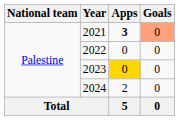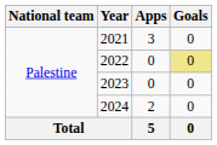 <table class="wikitable" style="text-align:center">
 <tr>
 <th>National team</th>
 <th>Year</th>
 <th>Apps</th>
 <th>Goals</th>
 </tr>
 <tr>
 <td rowspan="4"><a href='#'>Palestine</a></td>
 <td>2021</td>
-<td><strong>3</strong></td>
-<td style="background: lightsalmon;">0</td>
+<td>3</td>
+<td>0</td>
 </tr>
 <tr>
 <td>2022</td>
 <td>0</td>
-<td>0</td>
+<td style="background: khaki;">0</td>
 </tr>
 <tr>
 <td>2023</td>
-<td style="background: gold;">0</td>
+<td>0</td>
 <td>0</td>
 </tr>
 <tr>
 <td>2024</td>
 <td>2</td>
 <td>0</td>
 </tr>
 <tr>
 <th colspan="2">Total</th>
 <th>5</th>
 <th>0</th>
 </tr>
 </table>
